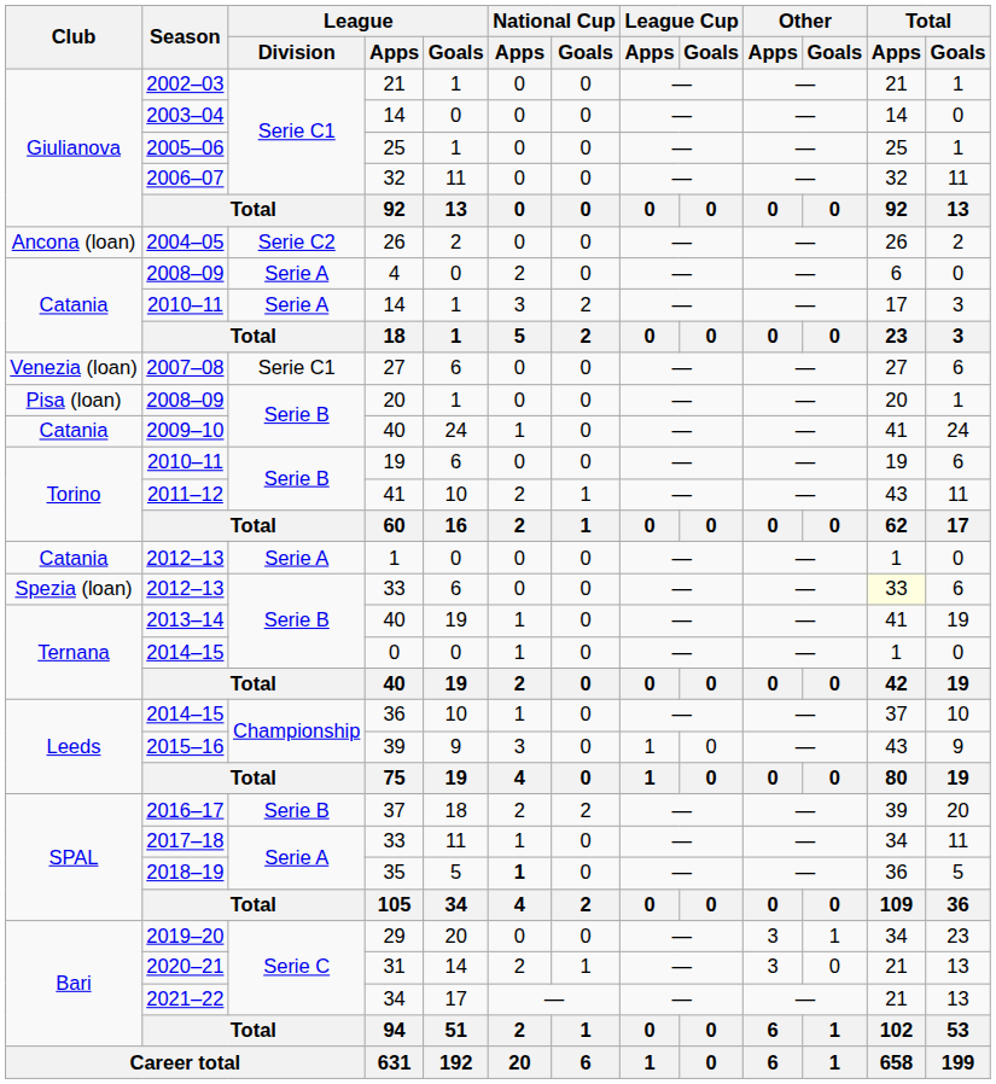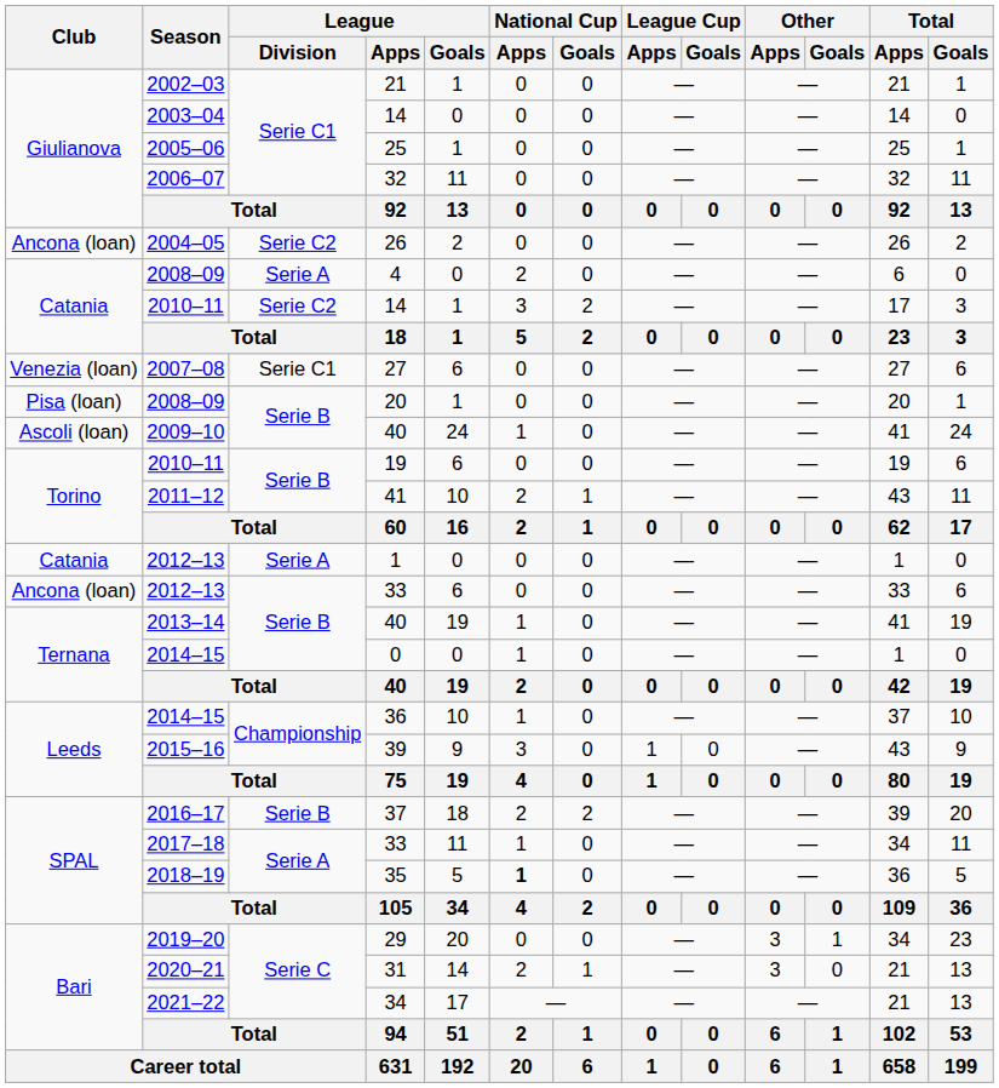 <table class="wikitable" style="text-align:center">
 <tr>
 <th rowspan="2">Club</th>
 <th rowspan="2">Season</th>
 <th colspan="3">League</th>
 <th colspan="2">National Cup</th>
 <th colspan="2">League Cup</th>
 <th colspan="2">Other</th>
 <th colspan="2">Total</th>
 </tr>
 <tr>
 <th>Division</th>
 <th>Apps</th>
 <th>Goals</th>
 <th>Apps</th>
 <th>Goals</th>
 <th>Apps</th>
 <th>Goals</th>
 <th>Apps</th>
 <th>Goals</th>
 <th>Apps</th>
 <th>Goals</th>
 </tr>
 <tr>
 <td rowspan="5"><a href='#'>Giulianova</a></td>
 <td><a href='#'>2002–03</a></td>
 <td rowspan="4"><a href='#'>Serie C1</a></td>
 <td>21</td>
 <td>1</td>
 <td>0</td>
 <td>0</td>
 <td colspan="2“">—</td>
 <td colspan="2“">—</td>
 <td>21</td>
 <td>1</td>
 </tr>
 <tr>
 <td><a href='#'>2003–04</a></td>
 <td>14</td>
 <td>0</td>
 <td>0</td>
 <td>0</td>
 <td colspan="2“">—</td>
 <td colspan="2“">—</td>
 <td>14</td>
 <td>0</td>
 </tr>
 <tr>
 <td><a href='#'>2005–06</a></td>
 <td>25</td>
 <td>1</td>
 <td>0</td>
 <td>0</td>
 <td colspan="2“">—</td>
 <td colspan="2“">—</td>
 <td>25</td>
 <td>1</td>
 </tr>
 <tr>
 <td><a href='#'>2006–07</a></td>
 <td>32</td>
 <td>11</td>
 <td>0</td>
 <td>0</td>
 <td colspan="2“">—</td>
 <td colspan="2“">—</td>
 <td>32</td>
 <td>11</td>
 </tr>
 <tr>
 <th colspan="2">Total</th>
 <th>92</th>
 <th>13</th>
 <th>0</th>
 <th>0</th>
 <th>0</th>
 <th>0</th>
 <th>0</th>
 <th>0</th>
 <th>92</th>
 <th>13</th>
 </tr>
 <tr>
 <td><a href='#'>Ancona</a> (loan)</td>
 <td><a href='#'>2004–05</a></td>
 <td><a href='#'>Serie C2</a></td>
 <td>26</td>
 <td>2</td>
 <td>0</td>
 <td>0</td>
 <td colspan="2“">—</td>
 <td colspan="2“">—</td>
 <td>26</td>
 <td>2</td>
 </tr>
 <tr>
 <td rowspan="3"><a href='#'>Catania</a></td>
 <td><a href='#'>2008–09</a></td>
 <td><a href='#'>Serie A</a></td>
 <td>4</td>
 <td>0</td>
 <td>2</td>
 <td>0</td>
 <td colspan="2“">—</td>
 <td colspan="2“">—</td>
 <td>6</td>
 <td>0</td>
 </tr>
 <tr>
 <td><a href='#'>2010–11</a></td>
-<td><a href='#'>Serie A</a></td>
+<td><a href='#'>Serie C2</a></td>
 <td>14</td>
 <td>1</td>
 <td>3</td>
 <td>2</td>
 <td colspan="2“">—</td>
 <td colspan="2“">—</td>
 <td>17</td>
 <td>3</td>
 </tr>
 <tr>
 <th colspan="2">Total</th>
 <th>18</th>
 <th>1</th>
 <th>5</th>
 <th>2</th>
 <th>0</th>
 <th>0</th>
 <th>0</th>
 <th>0</th>
 <th>23</th>
 <th>3</th>
 </tr>
 <tr>
 <td><a href='#'>Venezia</a> (loan)</td>
 <td><a href='#'>2007–08</a></td>
 <td>Serie C1</td>
 <td>27</td>
 <td>6</td>
 <td>0</td>
 <td>0</td>
 <td colspan="2“">—</td>
 <td colspan="2“">—</td>
 <td>27</td>
 <td>6</td>
 </tr>
 <tr>
 <td><a href='#'>Pisa</a> (loan)</td>
 <td><a href='#'>2008–09</a></td>
 <td rowspan="2"><a href='#'>Serie B</a></td>
 <td>20</td>
 <td>1</td>
 <td>0</td>
 <td>0</td>
 <td colspan="2“">—</td>
 <td colspan="2“">—</td>
 <td>20</td>
 <td>1</td>
 </tr>
 <tr>
-<td><a href='#'>Catania</a></td>
+<td><a href='#'>Ascoli</a> (loan)</td>
 <td><a href='#'>2009–10</a></td>
 <td>40</td>
 <td>24</td>
 <td>1</td>
 <td>0</td>
 <td colspan="2“">—</td>
 <td colspan="2“">—</td>
 <td>41</td>
 <td>24</td>
 </tr>
 <tr>
 <td rowspan="3"><a href='#'>Torino</a></td>
 <td><a href='#'>2010–11</a></td>
 <td rowspan="2"><a href='#'>Serie B</a></td>
 <td>19</td>
 <td>6</td>
 <td>0</td>
 <td>0</td>
 <td colspan="2“">—</td>
 <td colspan="2“">—</td>
 <td>19</td>
 <td>6</td>
 </tr>
 <tr>
 <td><a href='#'>2011–12</a></td>
 <td>41</td>
 <td>10</td>
 <td>2</td>
 <td>1</td>
 <td colspan="2“">—</td>
 <td colspan="2“">—</td>
 <td>43</td>
 <td>11</td>
 </tr>
 <tr>
 <th colspan="2">Total</th>
 <th>60</th>
 <th>16</th>
 <th>2</th>
 <th>1</th>
 <th>0</th>
 <th>0</th>
 <th>0</th>
 <th>0</th>
 <th>62</th>
 <th>17</th>
 </tr>
 <tr>
 <td><a href='#'>Catania</a></td>
 <td><a href='#'>2012–13</a></td>
 <td><a href='#'>Serie A</a></td>
 <td>1</td>
 <td>0</td>
 <td>0</td>
 <td>0</td>
 <td colspan="2“">—</td>
 <td colspan="2“">—</td>
 <td>1</td>
 <td>0</td>
 </tr>
 <tr>
-<td><a href='#'>Spezia</a> (loan)</td>
+<td><a href='#'>Ancona</a> (loan)</td>
 <td><a href='#'>2012–13</a></td>
 <td rowspan="3"><a href='#'>Serie B</a></td>
 <td>33</td>
 <td>6</td>
 <td>0</td>
 <td>0</td>
 <td colspan="2“">—</td>
 <td colspan="2“">—</td>
-<td style="background: lightyellow;">33</td>
+<td>33</td>
 <td>6</td>
 </tr>
 <tr>
 <td rowspan="3"><a href='#'>Ternana</a></td>
 <td><a href='#'>2013–14</a></td>
 <td>40</td>
 <td>19</td>
 <td>1</td>
 <td>0</td>
 <td colspan="2“">—</td>
 <td colspan="2“">—</td>
 <td>41</td>
 <td>19</td>
 </tr>
 <tr>
 <td><a href='#'>2014–15</a></td>
 <td>0</td>
 <td>0</td>
 <td>1</td>
 <td>0</td>
 <td colspan="2“">—</td>
 <td colspan="2“">—</td>
 <td>1</td>
 <td>0</td>
 </tr>
 <tr>
 <th colspan="2">Total</th>
 <th>40</th>
 <th>19</th>
 <th>2</th>
 <th>0</th>
 <th>0</th>
 <th>0</th>
 <th>0</th>
 <th>0</th>
 <th>42</th>
 <th>19</th>
 </tr>
 <tr>
 <td rowspan="3"><a href='#'>Leeds</a></td>
 <td><a href='#'>2014–15</a></td>
 <td rowspan="2"><a href='#'>Championship</a></td>
 <td>36</td>
 <td>10</td>
 <td>1</td>
 <td>0</td>
 <td colspan="2“">—</td>
 <td colspan="2“">—</td>
 <td>37</td>
 <td>10</td>
 </tr>
 <tr>
 <td><a href='#'>2015–16</a></td>
 <td>39</td>
 <td>9</td>
 <td>3</td>
 <td>0</td>
 <td>1</td>
 <td>0</td>
 <td colspan="2“">—</td>
 <td>43</td>
 <td>9</td>
 </tr>
 <tr>
 <th colspan="2">Total</th>
 <th>75</th>
 <th>19</th>
 <th>4</th>
 <th>0</th>
 <th>1</th>
 <th>0</th>
 <th>0</th>
 <th>0</th>
 <th>80</th>
 <th>19</th>
 </tr>
 <tr>
 <td rowspan="4"><a href='#'>SPAL</a></td>
 <td><a href='#'>2016–17</a></td>
 <td><a href='#'>Serie B</a></td>
 <td>37</td>
 <td>18</td>
 <td>2</td>
 <td>2</td>
 <td colspan="2“">—</td>
 <td colspan="2“">—</td>
 <td>39</td>
 <td>20</td>
 </tr>
 <tr>
 <td><a href='#'>2017–18</a></td>
 <td rowspan="2"><a href='#'>Serie A</a></td>
 <td>33</td>
 <td>11</td>
 <td>1</td>
 <td>0</td>
 <td colspan="2“">—</td>
 <td colspan="2“">—</td>
 <td>34</td>
 <td>11</td>
 </tr>
 <tr>
 <td><a href='#'>2018–19</a></td>
 <td>35</td>
 <td>5</td>
 <td><strong>1</strong></td>
 <td>0</td>
 <td colspan="2“">—</td>
 <td colspan="2“">—</td>
 <td>36</td>
 <td>5</td>
 </tr>
 <tr>
 <th colspan="2">Total</th>
 <th>105</th>
 <th>34</th>
 <th>4</th>
 <th>2</th>
 <th>0</th>
 <th>0</th>
 <th>0</th>
 <th>0</th>
 <th>109</th>
 <th>36</th>
 </tr>
 <tr>
 <td rowspan="4"><a href='#'>Bari</a></td>
 <td><a href='#'>2019–20</a></td>
 <td rowspan="3"><a href='#'>Serie C</a></td>
 <td>29</td>
 <td>20</td>
 <td>0</td>
 <td>0</td>
 <td colspan="2“ ">—</td>
 <td>3</td>
 <td>1</td>
 <td>34</td>
 <td>23</td>
 </tr>
 <tr>
 <td><a href='#'>2020–21</a></td>
 <td>31</td>
 <td>14</td>
 <td>2</td>
 <td>1</td>
 <td colspan="2“">—</td>
 <td>3</td>
 <td>0</td>
 <td>21</td>
 <td>13</td>
 </tr>
 <tr>
 <td><a href='#'>2021–22</a></td>
 <td>34</td>
 <td>17</td>
 <td colspan="2">—</td>
 <td colspan="2“ ">—</td>
 <td colspan="2“">—</td>
 <td>21</td>
 <td>13</td>
 </tr>
 <tr>
 <th colspan="2">Total</th>
 <th>94</th>
 <th>51</th>
 <th>2</th>
 <th>1</th>
 <th>0</th>
 <th>0</th>
 <th>6</th>
 <th>1</th>
 <th>102</th>
 <th>53</th>
 </tr>
 <tr>
 <th colspan="3">Career total</th>
 <th>631</th>
 <th>192</th>
 <th>20</th>
 <th>6</th>
 <th>1</th>
 <th>0</th>
 <th>6</th>
 <th>1</th>
 <th>658</th>
 <th>199</th>
 </tr>
 </table>
